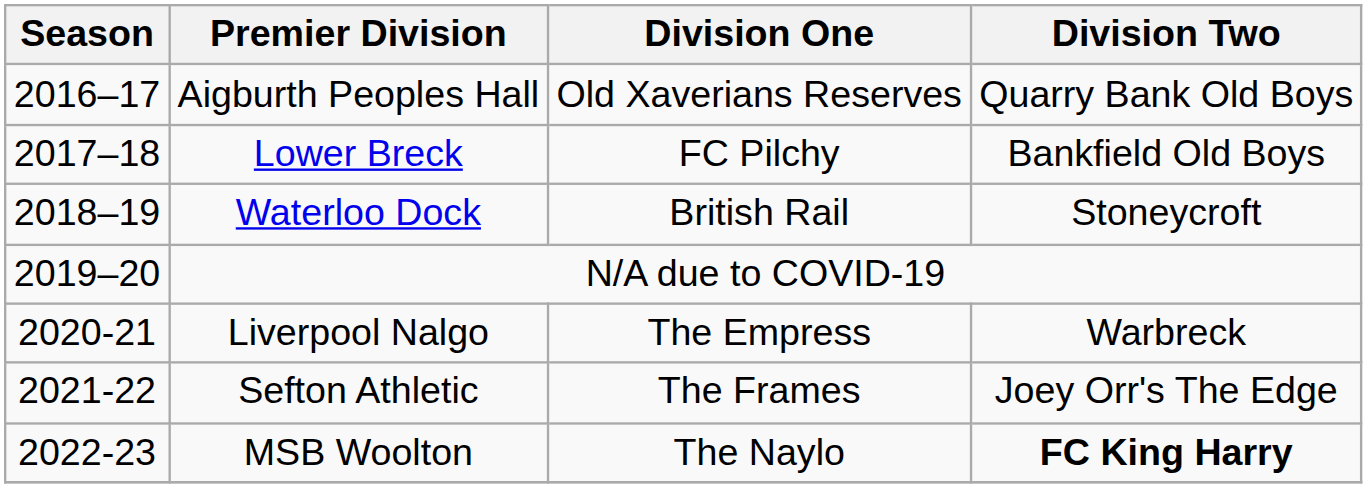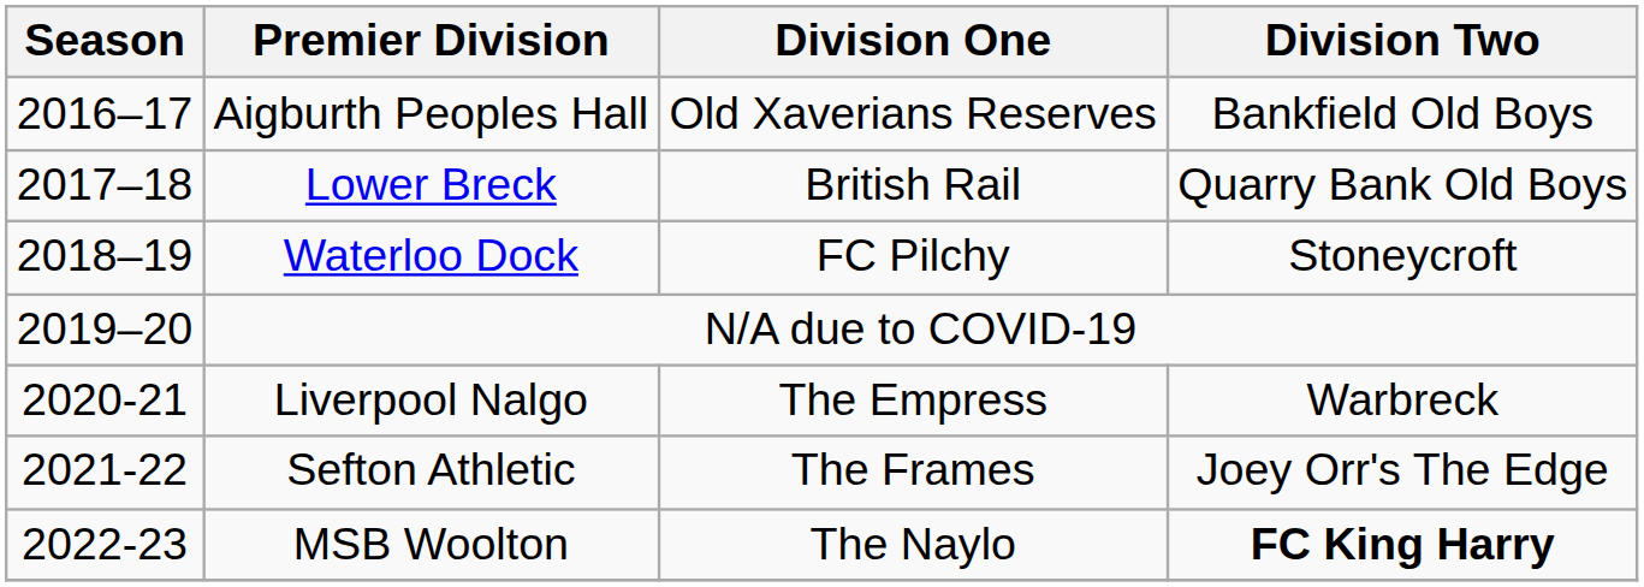 <table class="wikitable" style="text-align: center">
 <tr>
 <th>Season</th>
 <th>Premier Division</th>
 <th>Division One</th>
 <th>Division Two</th>
 </tr>
 <tr>
 <td>2016–17</td>
 <td>Aigburth Peoples Hall</td>
 <td>Old Xaverians Reserves</td>
-<td>Quarry Bank Old Boys</td>
+<td>Bankfield Old Boys</td>
 </tr>
 <tr>
 <td>2017–18</td>
 <td><a href='#'>Lower Breck</a></td>
-<td>FC Pilchy</td>
-<td>Bankfield Old Boys</td>
+<td>British Rail</td>
+<td>Quarry Bank Old Boys</td>
 </tr>
 <tr>
 <td>2018–19</td>
 <td><a href='#'>Waterloo Dock</a></td>
-<td>British Rail</td>
+<td>FC Pilchy</td>
 <td>Stoneycroft</td>
 </tr>
 <tr>
 <td>2019–20</td>
 <td colspan=3>N/A due to COVID-19</td>
 </tr>
 <tr>
 <td>2020-21</td>
 <td>Liverpool Nalgo</td>
 <td>The Empress</td>
 <td>Warbreck</td>
 </tr>
 <tr>
 <td>2021-22</td>
 <td>Sefton Athletic</td>
 <td>The Frames</td>
 <td>Joey Orr's The Edge</td>
 </tr>
 <tr>
 <td>2022-23</td>
 <td>MSB Woolton</td>
 <td>The Naylo</td>
 <td><strong>FC King Harry</strong></td>
 </tr>
 <tr>
 </tr>
 </table>
